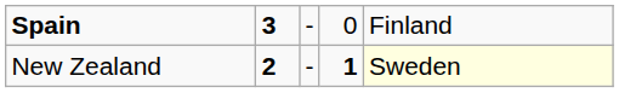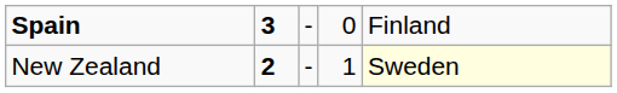 <table class="wikitable">
 <tr>
 <td width=150> <strong>Spain</strong></td>
 <td style="width:20px; text-align:left;"><strong>3</strong></td>
 <td>-</td>
 <td style="width:20px; text-align:right;">0</td>
 <td width=150> Finland</td>
 </tr>
 <tr>
 <td> New Zealand</td>
 <td style="text-align:left;"><strong>2</strong></td>
 <td>-</td>
-<td style="text-align:right;"><strong>1</strong></td>
+<td style="text-align:right;">1</td>
 <td style="background: lightyellow;"> Sweden</td>
 </tr>
 </table>
